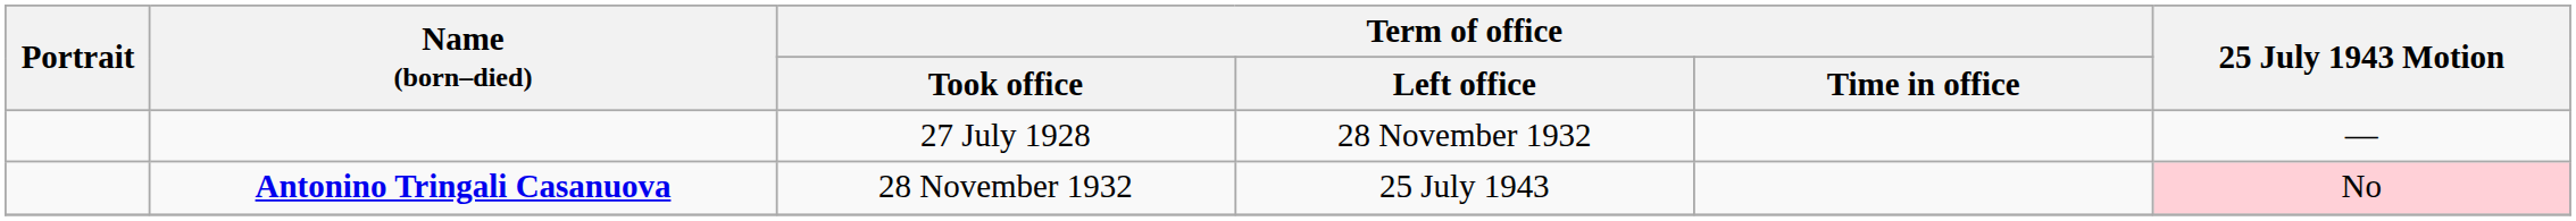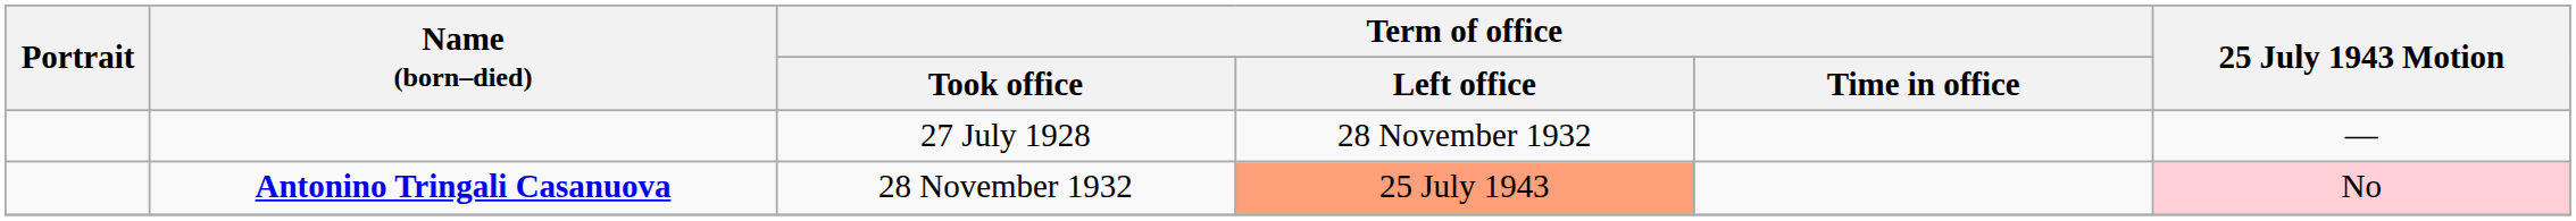 <table class="wikitable" style="text-align:center;" style="width=90%">
 <tr>
 <th width=1% rowspan=2>Portrait</th>
 <th width=15% rowspan=2>Name<br><small>(born–died)</small></th>
 <th width=30% colspan=3>Term of office</th>
 <th width=10% rowspan=2>25 July 1943 Motion</th>
 </tr>
 <tr style="text-align:center;">
 <th width=11%>Took office</th>
 <th width=11%>Left office</th>
 <th width=11%>Time in office</th>
 </tr>
 <tr>
 <td></td>
 <td><strong></strong><br></td>
 <td>27 July 1928</td>
 <td>28 November 1932</td>
 <td></td>
 <td align=center>—</td>
 </tr>
 <tr>
 <td></td>
 <td><strong><a href='#'>Antonino Tringali Casanuova</a></strong><br></td>
 <td>28 November 1932</td>
-<td>25 July 1943</td>
+<td style="background: lightsalmon;">25 July 1943</td>
 <td></td>
 <td align=center style="background:#FFD0D7">No</td>
 </tr>
 <tr>
 </tr>
 </table>
